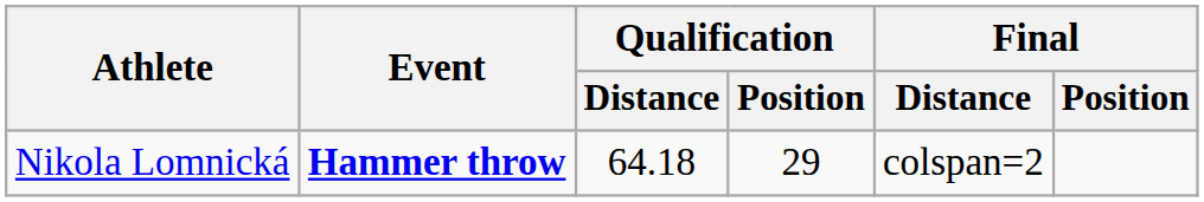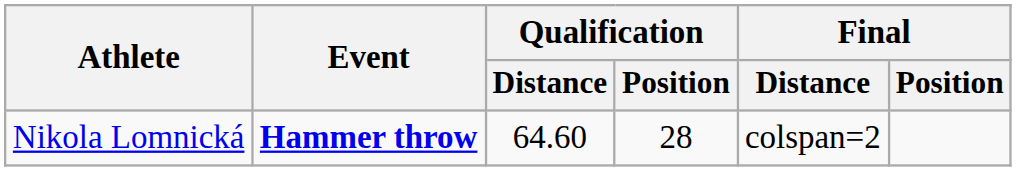 <table class=wikitable style="font-size:90%">
 <tr>
 <th rowspan="2">Athlete</th>
 <th rowspan="2">Event</th>
 <th colspan="2">Qualification</th>
 <th colspan="2">Final</th>
 </tr>
 <tr style="font-size:95%">
 <th>Distance</th>
 <th>Position</th>
 <th>Distance</th>
 <th>Position</th>
 </tr>
 <tr style=text-align:center>
 <td style=text-align:left><a href='#'>Nikola Lomnická</a></td>
 <td style=text-align:left><strong><a href='#'>Hammer throw</a></strong></td>
-<td>64.18</td>
-<td>29</td>
+<td>64.60</td>
+<td>28</td>
 <td>colspan=2 </td>
 </tr>
 </table>
